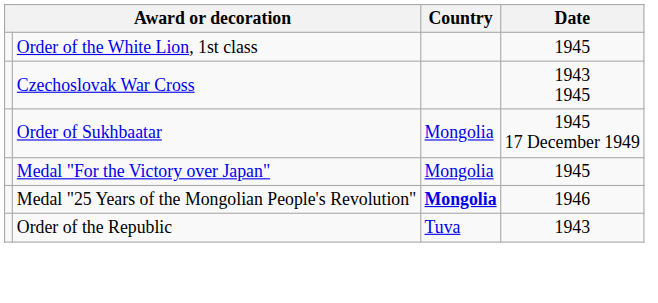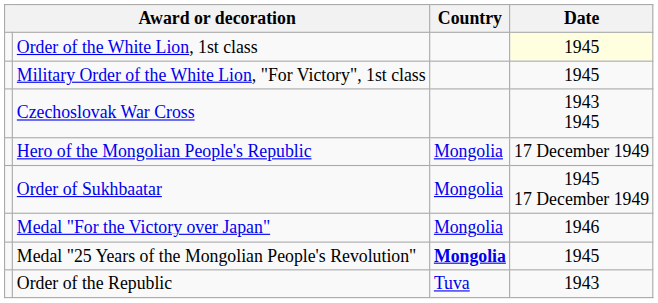 <table class="wikitable sortable">
 <tr>
 <th colspan="2">Award or decoration</th>
 <th>Country</th>
 <th>Date</th>
 </tr>
 <tr>
 <td></td>
 <td><a href='#'>Order of the White Lion</a>, 1st class</td>
+<td></td>
+<td style="background: lightyellow; text-align:center;">1945</td>
+</tr>
+<tr>
+<td></td>
+<td><a href='#'>Military Order of the White Lion</a>, "For Victory", 1st class</td>
 <td></td>
 <td style="text-align:center;">1945</td>
 </tr>
 <tr>
 <td></td>
 <td><a href='#'>Czechoslovak War Cross</a></td>
 <td></td>
 <td style="text-align:center;">1943<br>1945</td>
 </tr>
 <tr>
 <td></td>
+<td><a href='#'>Hero of the Mongolian People's Republic</a></td>
+<td> <a href='#'>Mongolia</a></td>
+<td style="text-align:center;">17 December 1949</td>
+</tr>
+<tr>
+<td></td>
 <td><a href='#'>Order of Sukhbaatar</a></td>
 <td> <a href='#'>Mongolia</a></td>
 <td style="text-align:center;">1945<br>17 December 1949</td>
 </tr>
 <tr>
 <td></td>
 <td><a href='#'>Medal "For the Victory over Japan"</a></td>
 <td> <a href='#'>Mongolia</a></td>
-<td style="text-align:center;">1945</td>
+<td style="text-align:center;">1946</td>
 </tr>
 <tr>
 <td></td>
 <td>Medal "25 Years of the Mongolian People's Revolution"</td>
 <td><strong> <a href='#'>Mongolia</a></strong></td>
-<td style="text-align:center;">1946</td>
+<td style="text-align:center;">1945</td>
 </tr>
 <tr>
 <td></td>
 <td>Order of the Republic</td>
 <td> <a href='#'>Tuva</a></td>
 <td style="text-align:center;">1943</td>
 </tr>
 </table>
